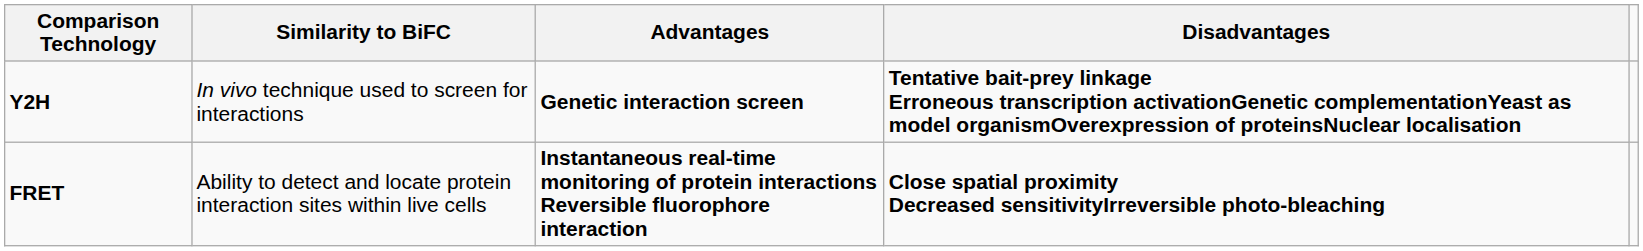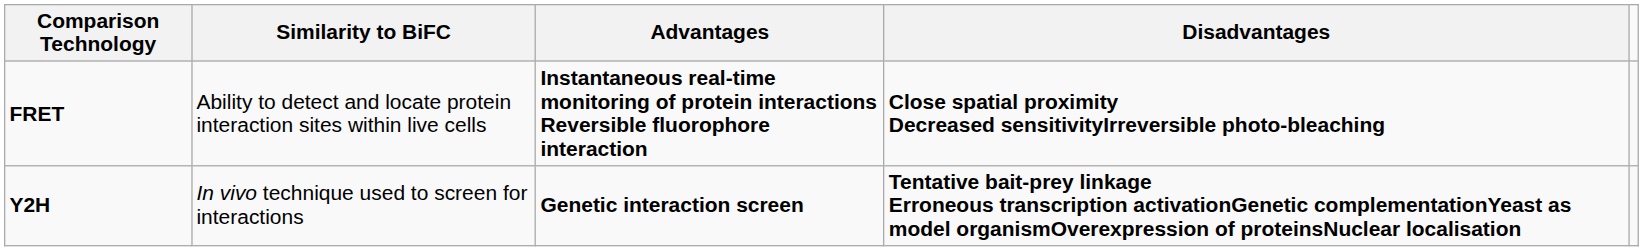 <table class="wikitable">
 <tr>
 <th><strong>Comparison Technology</strong></th>
 <th><strong>Similarity to BiFC</strong></th>
 <th><strong>Advantages</strong></th>
 <th><strong>Disadvantages</strong></th>
 </tr>
 <tr>
+<td><strong>FRET</strong></td>
+<td>Ability to detect and locate protein interaction sites within live cells</td>
+<td><strong>Instantaneous real-time monitoring of protein interactions</strong><br><strong>Reversible fluorophore interaction </strong></td>
+<td><strong>Close spatial proximity</strong><br><strong>Decreased sensitivity</strong><strong>Irreversible photo-bleaching</strong></td>
+<td></td>
+</tr>
+<tr>
 <td><strong>Y2H</strong></td>
 <td><em>In vivo</em> technique used to screen for interactions</td>
 <td><strong>Genetic interaction screen</strong><br></td>
 <td><strong>Tentative bait-prey linkage</strong><br><strong>Erroneous transcription activation</strong><strong>Genetic complementation</strong><strong>Yeast as model organism</strong><strong>Overexpression of proteins</strong><strong>Nuclear localisation</strong></td>
 <td></td>
 </tr>
-<tr>
-<td><strong>FRET</strong></td>
-<td>Ability to detect and locate protein interaction sites within live cells</td>
-<td><strong>Instantaneous real-time monitoring of protein interactions</strong><br><strong>Reversible fluorophore interaction </strong></td>
-<td><strong>Close spatial proximity</strong><br><strong>Decreased sensitivity</strong><strong>Irreversible photo-bleaching</strong></td>
-<td></td>
-</tr>
 </table>
